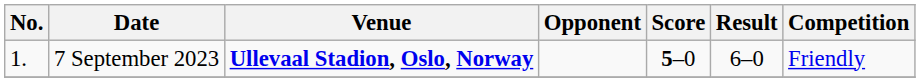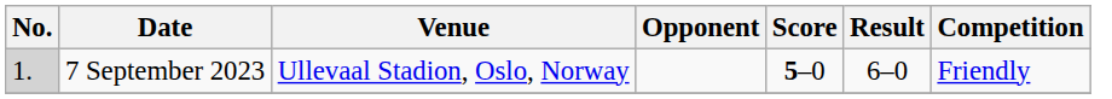 <table class="wikitable">
 <tr>
 <th>No.</th>
 <th>Date</th>
 <th>Venue</th>
 <th>Opponent</th>
 <th>Score</th>
 <th>Result</th>
 <th>Competition</th>
 </tr>
 <tr>
-<td>1.</td>
+<td style="background: lightgrey;">1.</td>
 <td>7 September 2023</td>
-<td><strong><a href='#'>Ullevaal Stadion</a>, <a href='#'>Oslo</a>, <a href='#'>Norway</a></strong></td>
+<td><a href='#'>Ullevaal Stadion</a>, <a href='#'>Oslo</a>, <a href='#'>Norway</a></td>
 <td></td>
 <td align=center><strong>5</strong>–0</td>
 <td align=center>6–0</td>
 <td><a href='#'>Friendly</a></td>
 </tr>
 <tr>
 </tr>
 </table>
